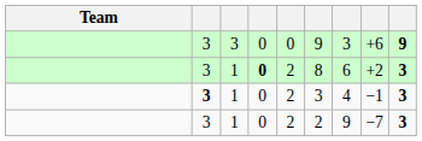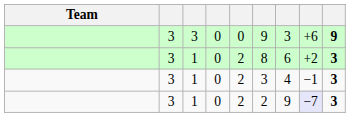 <table class="wikitable" style="text-align:center;">
 <tr>
 <th width=175>Team</th>
 <th width=20></th>
 <th width=20></th>
 <th width=20></th>
 <th width=20></th>
 <th width=20></th>
 <th width=20></th>
 <th width=20></th>
 <th width=20></th>
 </tr>
 <tr style="background:#cfc;">
 <td align=left></td>
 <td>3</td>
 <td>3</td>
 <td>0</td>
 <td>0</td>
 <td>9</td>
 <td>3</td>
 <td>+6</td>
 <td><strong>9</strong></td>
 </tr>
 <tr style="background:#cfc;">
 <td align=left></td>
 <td>3</td>
 <td>1</td>
-<td><strong>0</strong></td>
+<td>0</td>
 <td>2</td>
 <td>8</td>
 <td>6</td>
 <td>+2</td>
 <td><strong>3</strong></td>
 </tr>
 <tr>
 <td align=left></td>
-<td><strong>3</strong></td>
+<td>3</td>
 <td>1</td>
 <td>0</td>
 <td>2</td>
 <td>3</td>
 <td>4</td>
 <td>−1</td>
 <td><strong>3</strong></td>
 </tr>
 <tr>
 <td align=left></td>
 <td>3</td>
 <td>1</td>
 <td>0</td>
 <td>2</td>
 <td>2</td>
 <td>9</td>
-<td>−7</td>
+<td style="background: lavender;">−7</td>
 <td><strong>3</strong></td>
 </tr>
 </table>
